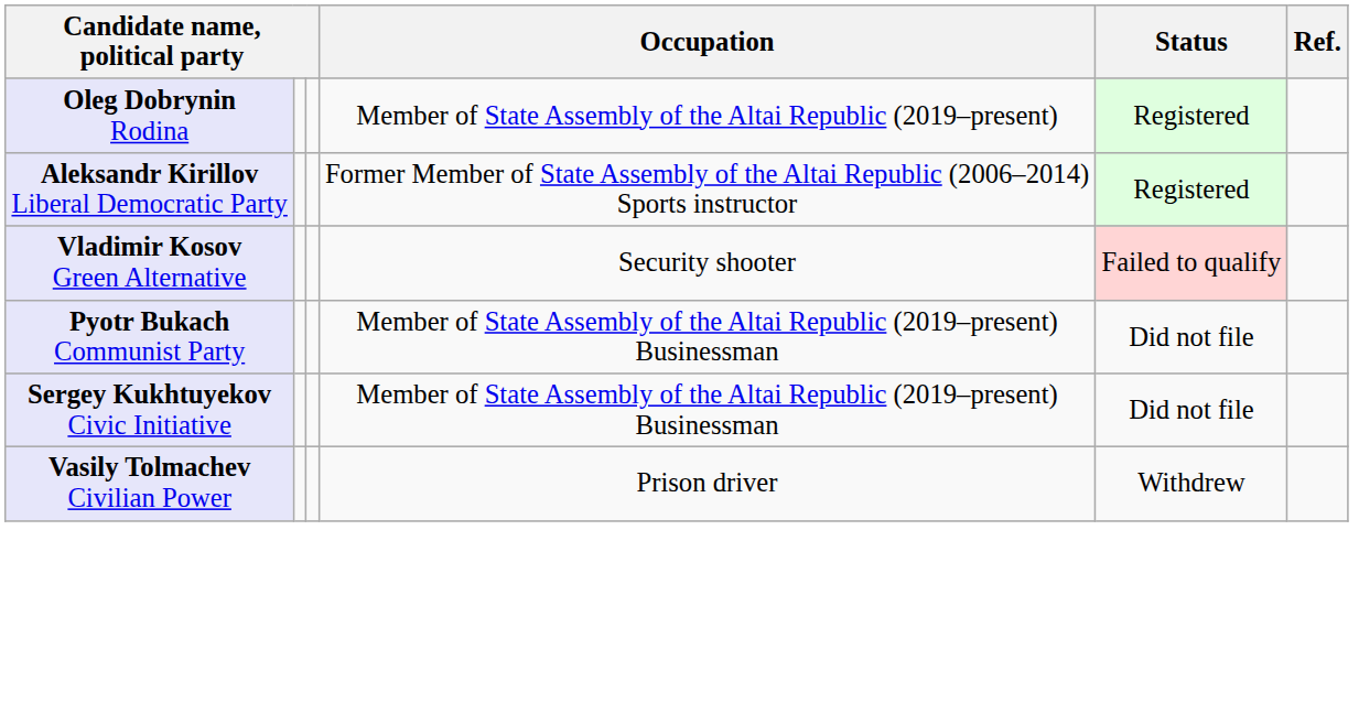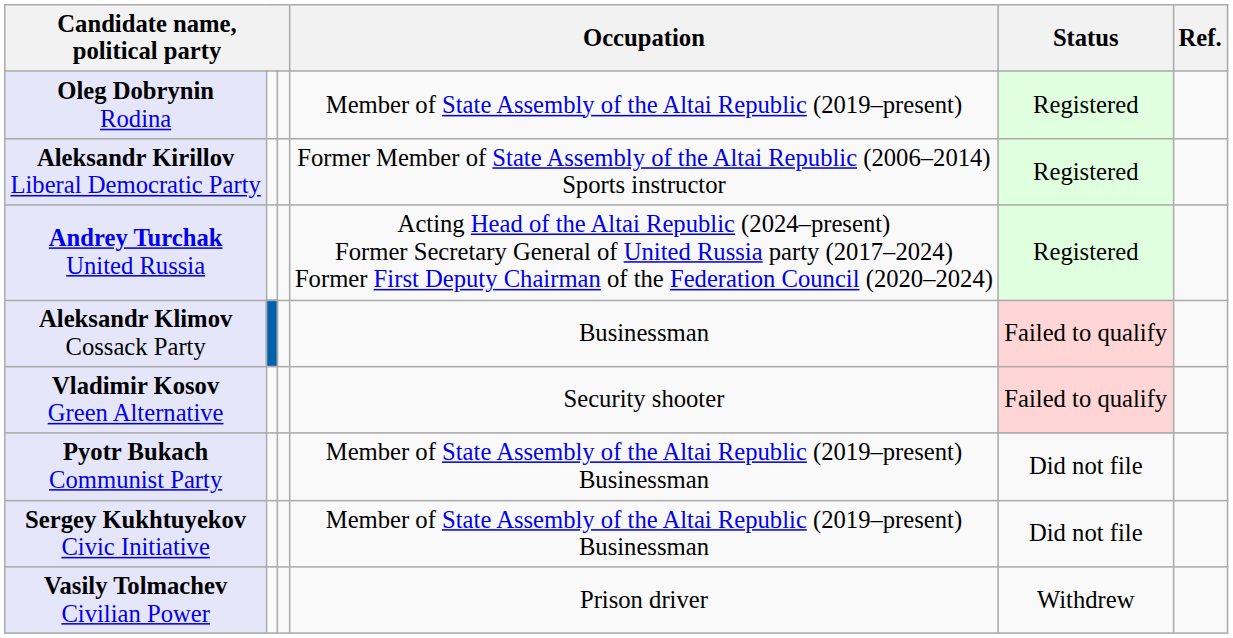 <table class="wikitable" style="text-align:center;">
 <tr>
 <th colspan="3">Candidate name,<br>political party</th>
 <th>Occupation</th>
 <th>Status</th>
 <th>Ref.</th>
 </tr>
 <tr>
 <td style="background:lavender;"><strong>Oleg Dobrynin</strong><br><a href='#'>Rodina</a></td>
 <td style="background-color:"></td>
 <td></td>
 <td>Member of <a href='#'>State Assembly of the Altai Republic</a> (2019–present)</td>
 <td bgcolor="#DFFFDF">Registered</td>
 <td></td>
 </tr>
 <tr>
 <td style="background:lavender;"><strong>Aleksandr Kirillov</strong><br><a href='#'>Liberal Democratic Party</a></td>
 <td style="background-color:"></td>
 <td></td>
 <td>Former Member of <a href='#'>State Assembly of the Altai Republic</a> (2006–2014)<br>Sports instructor</td>
 <td bgcolor="#DFFFDF">Registered</td>
+<td></td>
+</tr>
+<tr>
+<td style="background:lavender;"><strong><a href='#'>Andrey Turchak</a></strong><br><a href='#'>United Russia</a></td>
+<td style="background-color:"></td>
+<td></td>
+<td>Acting <a href='#'>Head of the Altai Republic</a> (2024–present)<br>Former Secretary General of <a href='#'>United Russia</a> party (2017–2024)<br>Former <a href='#'>First Deputy Chairman</a> of the <a href='#'>Federation Council</a> (2020–2024)</td>
+<td bgcolor="#DFFFDF">Registered</td>
+<td></td>
+</tr>
+<tr>
+<td style="background:lavender;"><strong>Aleksandr Klimov</strong><br>Cossack Party</td>
+<td style="background-color:#0061AC;"></td>
+<td></td>
+<td>Businessman</td>
+<td bgcolor="#FFD5D5">Failed to qualify</td>
 <td></td>
 </tr>
 <tr>
 <td style="background:lavender;"><strong>Vladimir Kosov</strong><br><a href='#'>Green Alternative</a></td>
 <td style="background-color:"></td>
 <td></td>
 <td>Security shooter</td>
 <td bgcolor="#FFD5D5">Failed to qualify</td>
 <td></td>
 </tr>
 <tr>
 <td style="background:lavender;"><strong>Pyotr Bukach</strong><br><a href='#'>Communist Party</a></td>
 <td style="background-color:"></td>
 <td></td>
 <td>Member of <a href='#'>State Assembly of the Altai Republic</a> (2019–present)<br>Businessman</td>
 <td>Did not file</td>
 <td></td>
 </tr>
 <tr>
 <td style="background:lavender;"><strong>Sergey Kukhtuyekov</strong><br><a href='#'>Civic Initiative</a></td>
 <td style="background-color:"></td>
 <td></td>
 <td>Member of <a href='#'>State Assembly of the Altai Republic</a> (2019–present)<br>Businessman</td>
 <td>Did not file</td>
 <td></td>
 </tr>
 <tr>
 <td style="background:lavender;"><strong>Vasily Tolmachev</strong><br><a href='#'>Civilian Power</a></td>
 <td style="background-color:"></td>
 <td></td>
 <td>Prison driver</td>
 <td>Withdrew</td>
 <td></td>
 </tr>
 </table>
